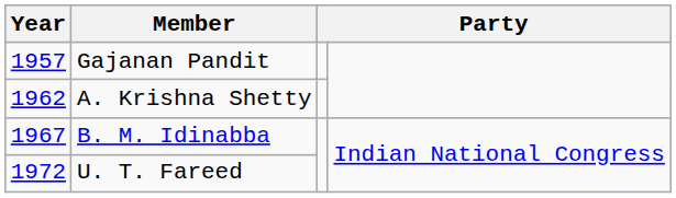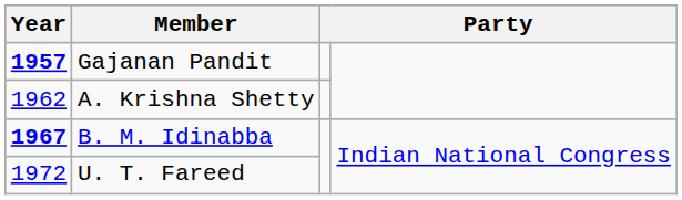 <table class="wikitable sortable">
 <tr>
 <th>Year</th>
 <th>Member</th>
 <th colspan="2">Party</th>
 </tr>
 <tr>
-<td><a href='#'>1957</a></td>
+<td><strong><a href='#'>1957</a></strong></td>
 <td>Gajanan Pandit</td>
 <td></td>
 </tr>
 <tr>
 <td><a href='#'>1962</a></td>
 <td>A. Krishna Shetty</td>
 <td></td>
 </tr>
 <tr>
-<td><a href='#'>1967</a></td>
+<td><strong><a href='#'>1967</a></strong></td>
 <td><a href='#'>B. M. Idinabba</a></td>
 <td rowspan=2 style="background-color: "></td>
 <td rowspan=2><a href='#'>Indian National Congress</a></td>
 </tr>
 <tr>
 <td><a href='#'>1972</a></td>
 <td>U. T. Fareed</td>
 </tr>
 </table>
